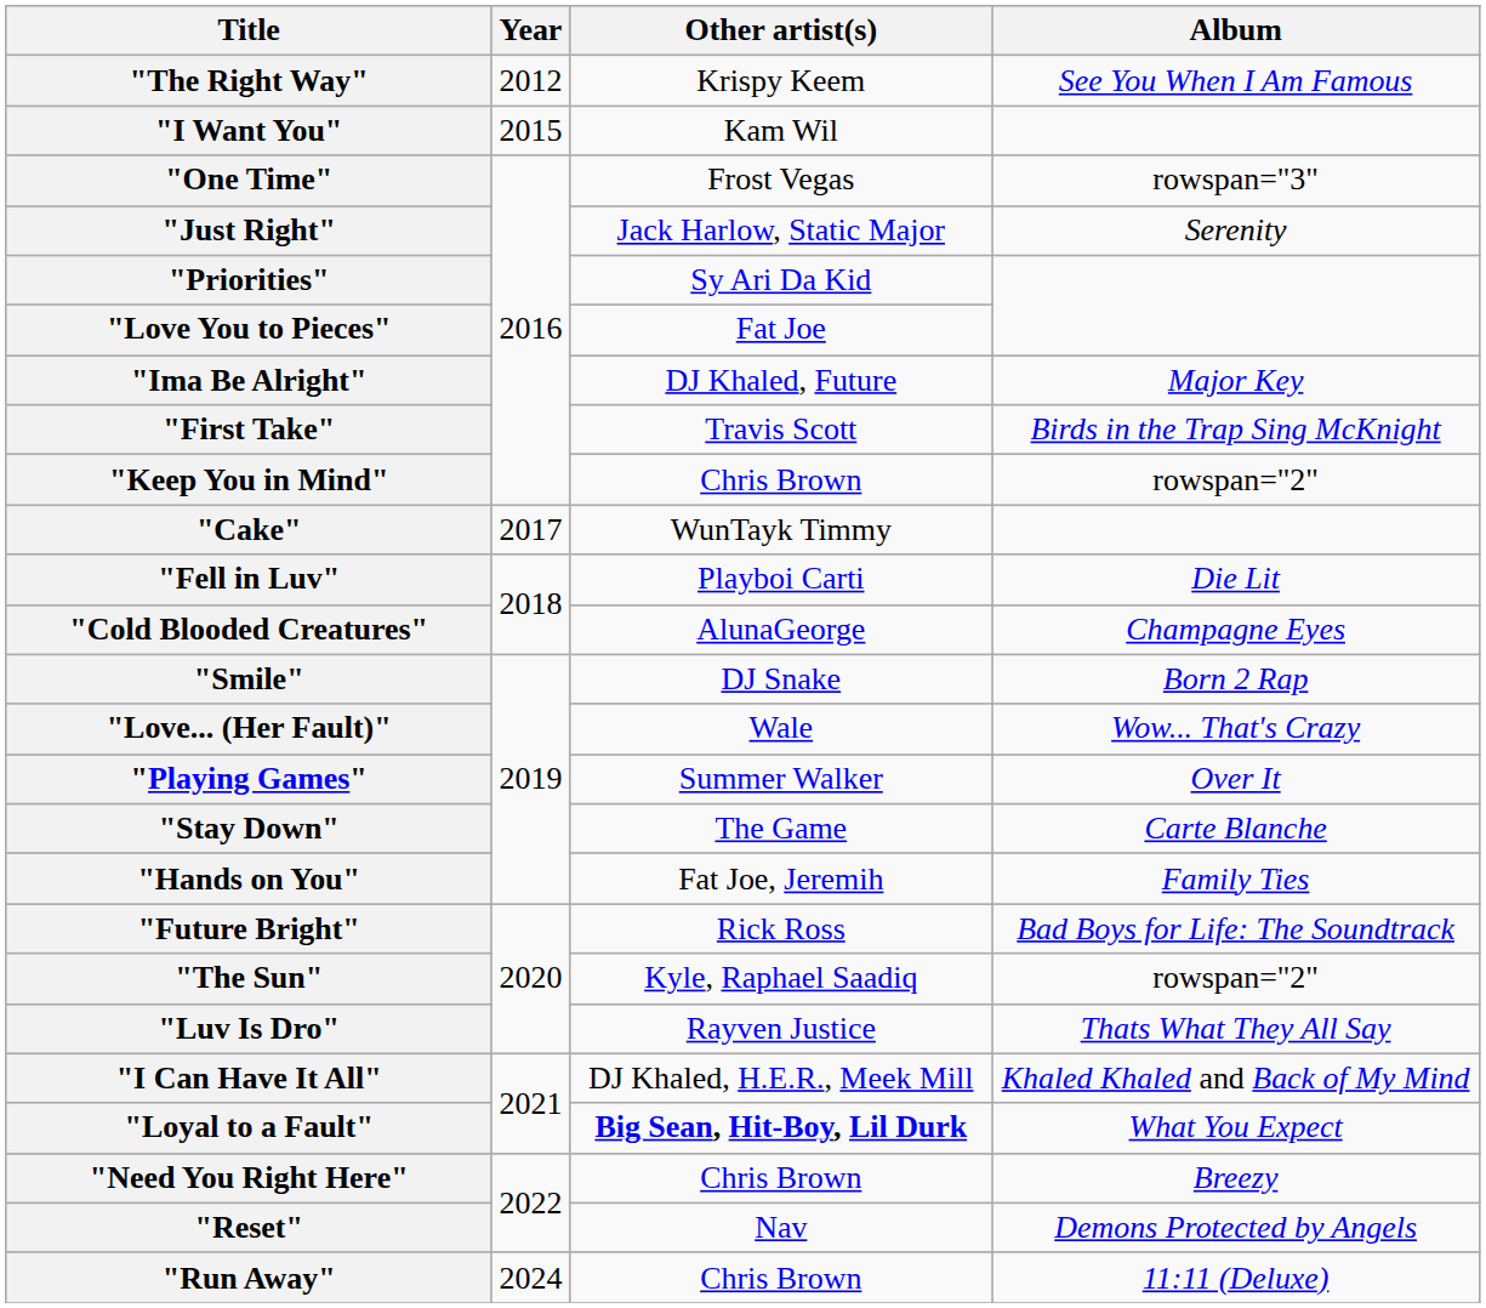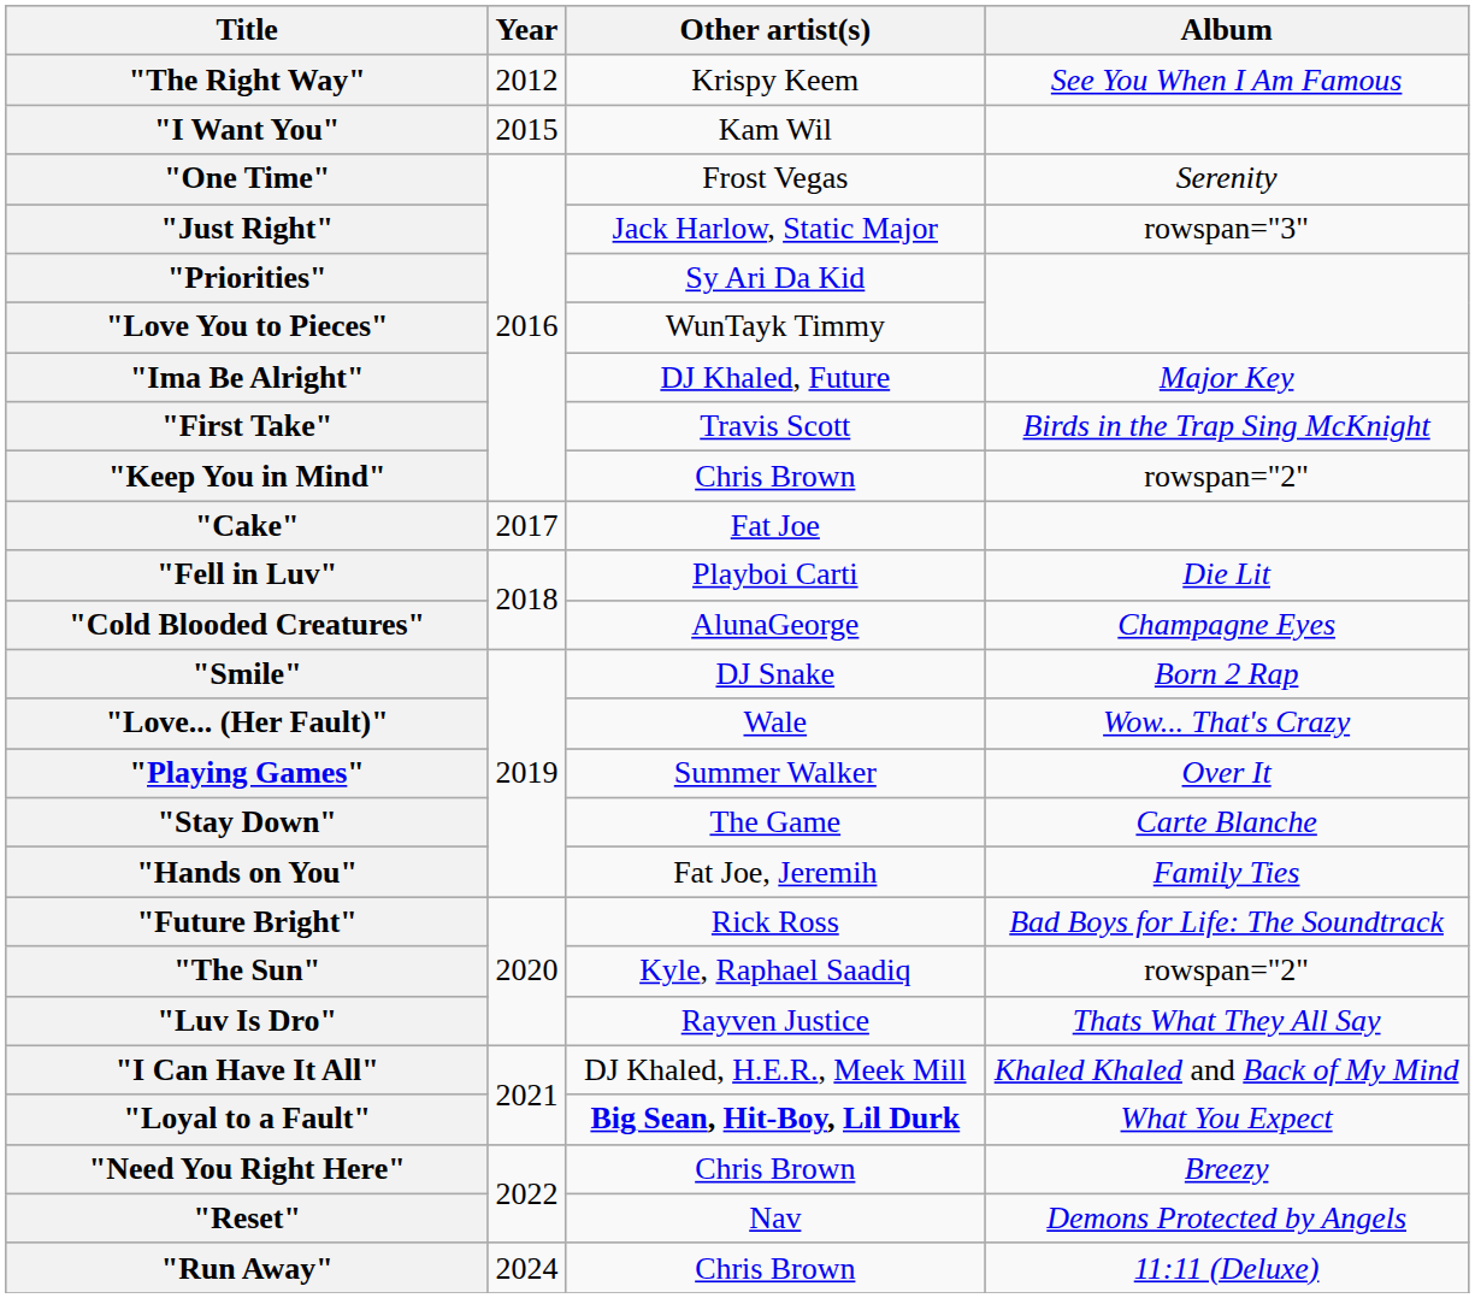 <table class="wikitable plainrowheaders" style="text-align:center;">
 <tr>
 <th scope="col" style="width:15em;">Title</th>
 <th scope="col" style="width:1em;">Year</th>
 <th scope="col" style="width:13em;">Other artist(s)</th>
 <th scope="col" style="width:15em;">Album</th>
 </tr>
 <tr>
 <th scope="row">"The Right Way"</th>
 <td>2012</td>
 <td>Krispy Keem</td>
 <td><em><a href='#'>See You When I Am Famous</a></em></td>
 </tr>
 <tr>
 <th scope="row">"I Want You"</th>
 <td>2015</td>
 <td>Kam Wil</td>
 </tr>
 <tr>
 <th scope="row">"One Time"</th>
 <td rowspan="7">2016</td>
 <td>Frost Vegas</td>
-<td>rowspan="3" </td>
+<td><em>Serenity</em></td>
 </tr>
 <tr>
 <th scope="row">"Just Right"</th>
 <td><a href='#'>Jack Harlow</a>, <a href='#'>Static Major</a></td>
-<td><em>Serenity</em></td>
+<td>rowspan="3" </td>
 </tr>
 <tr>
 <th scope="row">"Priorities"</th>
 <td><a href='#'>Sy Ari Da Kid</a></td>
 </tr>
 <tr>
 <th scope="row">"Love You to Pieces"</th>
-<td><a href='#'>Fat Joe</a></td>
+<td>WunTayk Timmy</td>
 </tr>
 <tr>
 <th scope="row">"Ima Be Alright"</th>
 <td><a href='#'>DJ Khaled</a>, <a href='#'>Future</a></td>
 <td><em><a href='#'>Major Key</a></em></td>
 </tr>
 <tr>
 <th scope="row">"First Take"</th>
 <td><a href='#'>Travis Scott</a></td>
 <td><em><a href='#'>Birds in the Trap Sing McKnight</a></em></td>
 </tr>
 <tr>
 <th scope="row">"Keep You in Mind"</th>
 <td><a href='#'>Chris Brown</a></td>
 <td>rowspan="2" </td>
 </tr>
 <tr>
 <th scope="row">"Cake"</th>
 <td>2017</td>
-<td>WunTayk Timmy</td>
+<td><a href='#'>Fat Joe</a></td>
 </tr>
 <tr>
 <th scope="row">"Fell in Luv"</th>
 <td rowspan="2">2018</td>
 <td><a href='#'>Playboi Carti</a></td>
 <td><em><a href='#'>Die Lit</a></em></td>
 </tr>
 <tr>
 <th scope="row">"Cold Blooded Creatures"</th>
 <td><a href='#'>AlunaGeorge</a></td>
 <td><em><a href='#'>Champagne Eyes</a></em></td>
 </tr>
 <tr>
 <th scope="row">"Smile"</th>
 <td rowspan="5">2019</td>
 <td><a href='#'>DJ Snake</a></td>
 <td><em><a href='#'>Born 2 Rap</a></em></td>
 </tr>
 <tr>
 <th scope="row">"Love... (Her Fault)"</th>
 <td><a href='#'>Wale</a></td>
 <td><em><a href='#'>Wow... That's Crazy</a></em></td>
 </tr>
 <tr>
 <th scope="row">"<a href='#'>Playing Games</a>"</th>
 <td><a href='#'>Summer Walker</a></td>
 <td><em><a href='#'>Over It</a></em></td>
 </tr>
 <tr>
 <th scope="row">"Stay Down"</th>
 <td><a href='#'>The Game</a></td>
 <td><em><a href='#'>Carte Blanche</a></em></td>
 </tr>
 <tr>
 <th scope="row">"Hands on You"</th>
 <td>Fat Joe, <a href='#'>Jeremih</a></td>
 <td><em><a href='#'>Family Ties</a></em></td>
 </tr>
 <tr>
 <th scope="row">"Future Bright"</th>
 <td rowspan="3">2020</td>
 <td><a href='#'>Rick Ross</a></td>
 <td><em><a href='#'>Bad Boys for Life: The Soundtrack</a></em></td>
 </tr>
 <tr>
 <th scope="row">"The Sun"</th>
 <td><a href='#'>Kyle</a>, <a href='#'>Raphael Saadiq</a></td>
 <td>rowspan="2" </td>
 </tr>
 <tr>
 <th scope="row">"Luv Is Dro"</th>
 <td><a href='#'>Rayven Justice</a></td>
 <td><em><a href='#'>Thats What They All Say</a></em></td>
 </tr>
 <tr>
 <th scope="row">"I Can Have It All"</th>
 <td rowspan="2">2021</td>
 <td>DJ Khaled, <a href='#'>H.E.R.</a>, <a href='#'>Meek Mill</a></td>
 <td><em><a href='#'>Khaled Khaled</a></em> and <em><a href='#'>Back of My Mind</a></em></td>
 </tr>
 <tr>
 <th scope="row">"Loyal to a Fault"</th>
 <td><strong><a href='#'>Big Sean</a>, <a href='#'>Hit-Boy</a>, <a href='#'>Lil Durk</a></strong></td>
 <td><em><a href='#'>What You Expect</a></em></td>
 </tr>
 <tr>
 <th scope="row">"Need You Right Here"</th>
 <td rowspan="2">2022</td>
 <td><a href='#'>Chris Brown</a></td>
 <td><em><a href='#'>Breezy</a></em></td>
 </tr>
 <tr>
 <th scope="row">"Reset"</th>
 <td><a href='#'>Nav</a></td>
 <td><em><a href='#'>Demons Protected by Angels</a></em></td>
 </tr>
 <tr>
 <th scope="row">"Run Away"</th>
 <td rowspan="1">2024</td>
 <td><a href='#'>Chris Brown</a></td>
 <td><em><a href='#'>11:11 (Deluxe)</a></em></td>
 </tr>
 </table>
